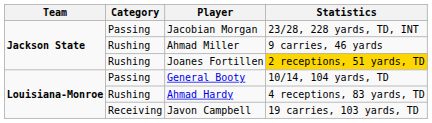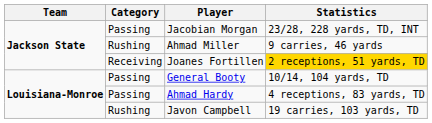 <table class="wikitable" style="float: right;">
 <tr>
 <th>Team</th>
 <th>Category</th>
 <th>Player</th>
 <th>Statistics</th>
 </tr>
 <tr>
 <td rowspan=3><strong>Jackson State</strong></td>
 <td>Passing</td>
 <td>Jacobian Morgan</td>
 <td>23/28, 228 yards, TD, INT</td>
 </tr>
 <tr>
 <td>Rushing</td>
 <td>Ahmad Miller</td>
 <td>9 carries, 46 yards</td>
 </tr>
 <tr>
-<td>Rushing</td>
+<td>Receiving</td>
 <td>Joanes Fortillen</td>
 <td style="background: gold;">2 receptions, 51 yards, TD</td>
 </tr>
 <tr>
 <td rowspan=3><strong>Louisiana-Monroe</strong></td>
 <td>Passing</td>
 <td><a href='#'>General Booty</a></td>
 <td>10/14, 104 yards, TD</td>
 </tr>
 <tr>
-<td>Rushing</td>
+<td>Passing</td>
 <td><a href='#'>Ahmad Hardy</a></td>
 <td>4 receptions, 83 yards, TD</td>
 </tr>
 <tr>
-<td>Receiving</td>
+<td>Rushing</td>
 <td>Javon Campbell</td>
 <td>19 carries, 103 yards, TD</td>
 </tr>
 </table>
